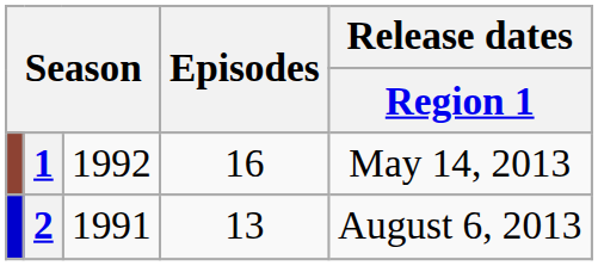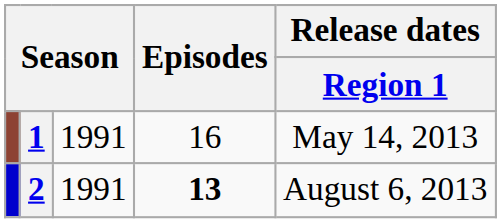 <table class="wikitable">
 <tr>
 <th colspan=3 rowspan=2>Season</th>
 <th rowspan=2>Episodes</th>
 <th>Release dates</th>
 </tr>
 <tr>
 <th><a href='#'>Region 1</a></th>
 </tr>
 <tr>
 <td style="background:#8d4233"></td>
 <th><a href='#'>1</a></th>
-<td style="text-align: center">1992</td>
+<td style="text-align: center">1991</td>
 <td style="text-align: center">16 </td>
 <td style="text-align: center">May 14, 2013</td>
 </tr>
 <tr>
 <td style="background:#0000CD"></td>
 <th><a href='#'>2</a></th>
 <td style="text-align: center">1991</td>
-<td style="text-align: center">13</td>
+<td style="text-align: center"><strong>13</strong></td>
 <td style="text-align: center">August 6, 2013</td>
 </tr>
 </table>
